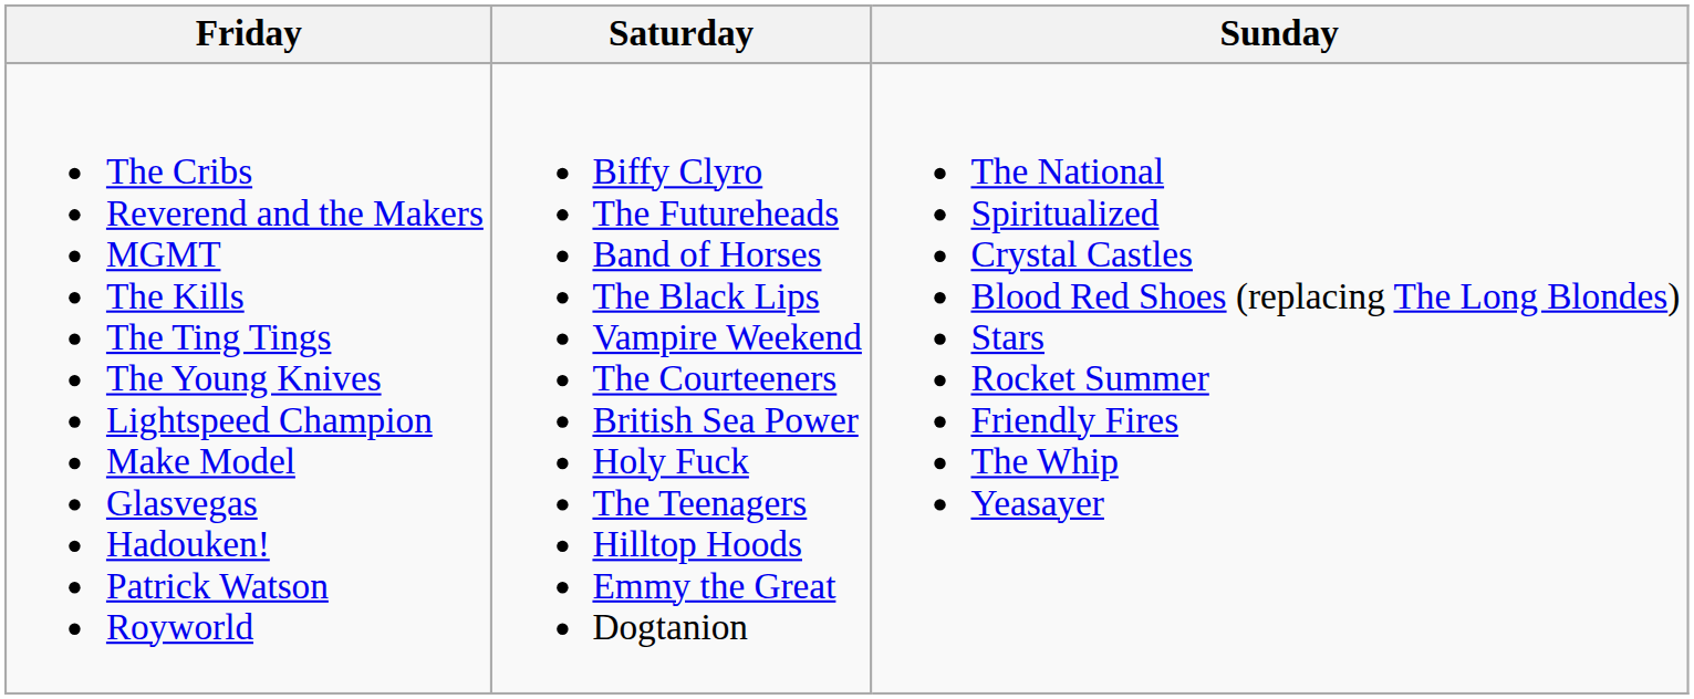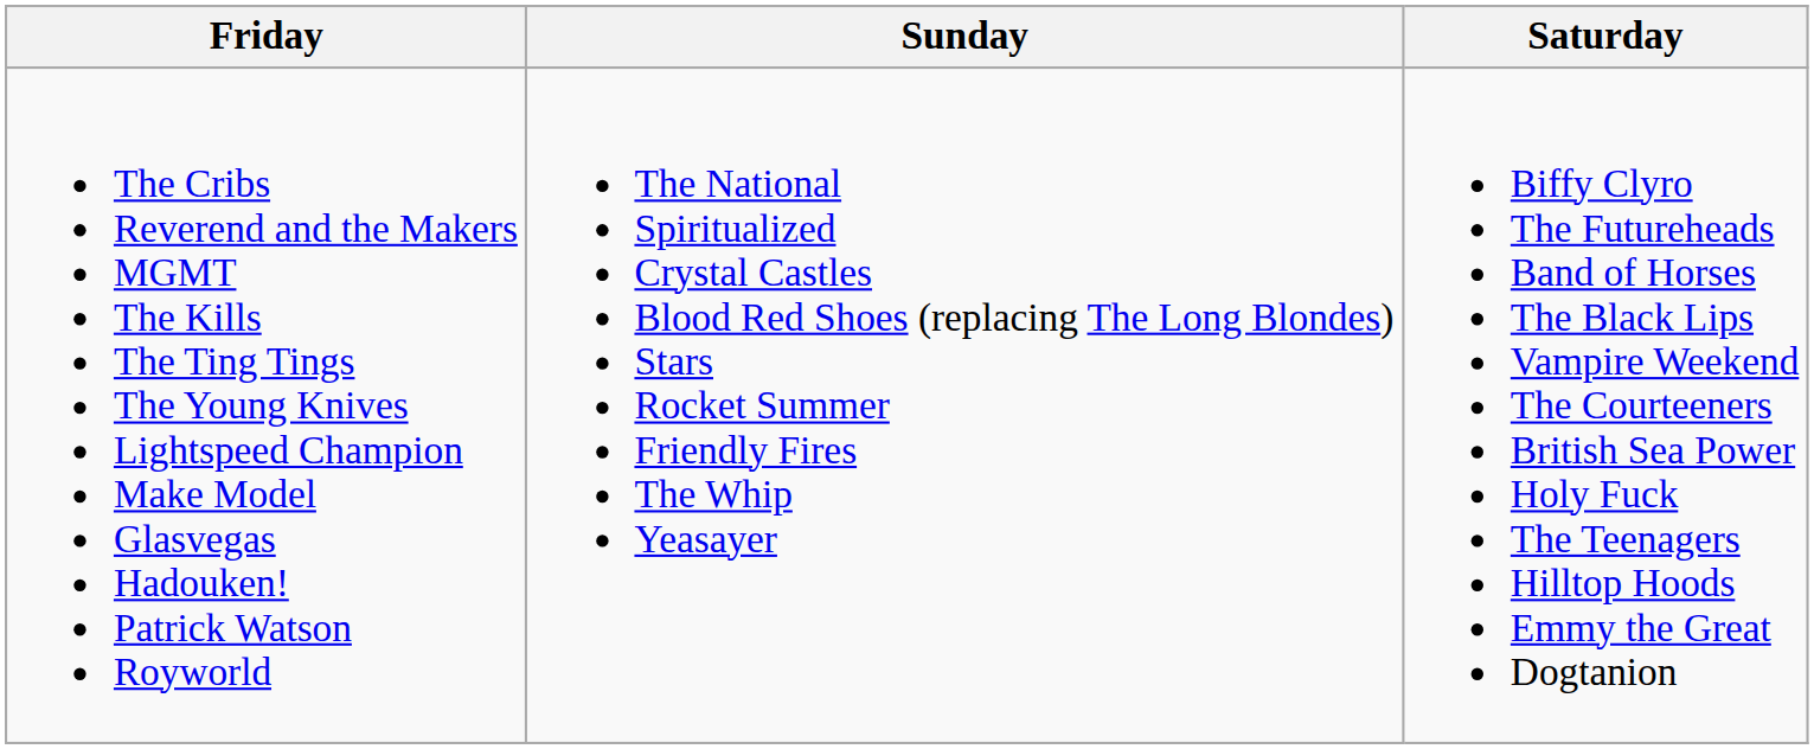 <table class="wikitable">
 <tr>
 <th>Friday</th>
+<th>Sunday</th>
 <th>Saturday</th>
-<th>Sunday</th>
 </tr>
 <tr valign="top">
 <td><br><ul><li><a href='#'>The Cribs</a></li><li><a href='#'>Reverend and the Makers</a></li><li><a href='#'>MGMT</a></li><li><a href='#'>The Kills</a></li><li><a href='#'>The Ting Tings</a></li><li><a href='#'>The Young Knives</a></li><li><a href='#'>Lightspeed Champion</a></li><li><a href='#'>Make Model</a></li><li><a href='#'>Glasvegas</a></li><li><a href='#'>Hadouken!</a></li><li><a href='#'>Patrick Watson</a></li><li><a href='#'>Royworld</a></li></ul></td>
+<td><br><ul><li><a href='#'>The National</a></li><li><a href='#'>Spiritualized</a></li><li><a href='#'>Crystal Castles</a></li><li><a href='#'>Blood Red Shoes</a> (replacing <a href='#'>The Long Blondes</a>)</li><li><a href='#'>Stars</a></li><li><a href='#'>Rocket Summer</a></li><li><a href='#'>Friendly Fires</a></li><li><a href='#'>The Whip</a></li><li><a href='#'>Yeasayer</a></li></ul></td>
 <td><br><ul><li><a href='#'>Biffy Clyro</a></li><li><a href='#'>The Futureheads</a></li><li><a href='#'>Band of Horses</a></li><li><a href='#'>The Black Lips</a></li><li><a href='#'>Vampire Weekend</a></li><li><a href='#'>The Courteeners</a></li><li><a href='#'>British Sea Power</a></li><li><a href='#'>Holy Fuck</a></li><li><a href='#'>The Teenagers</a></li><li><a href='#'>Hilltop Hoods</a></li><li><a href='#'>Emmy the Great</a></li><li>Dogtanion</li></ul></td>
-<td><br><ul><li><a href='#'>The National</a></li><li><a href='#'>Spiritualized</a></li><li><a href='#'>Crystal Castles</a></li><li><a href='#'>Blood Red Shoes</a> (replacing <a href='#'>The Long Blondes</a>)</li><li><a href='#'>Stars</a></li><li><a href='#'>Rocket Summer</a></li><li><a href='#'>Friendly Fires</a></li><li><a href='#'>The Whip</a></li><li><a href='#'>Yeasayer</a></li></ul></td>
 </tr>
 </table>
